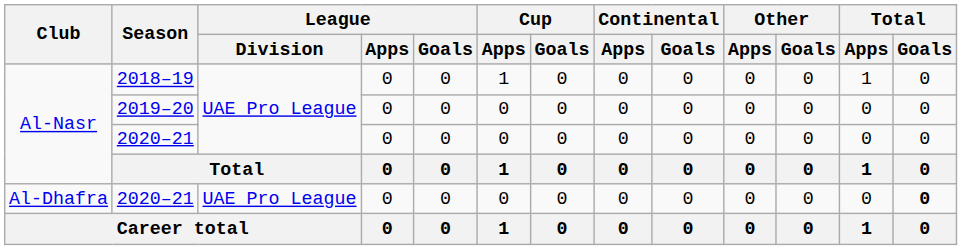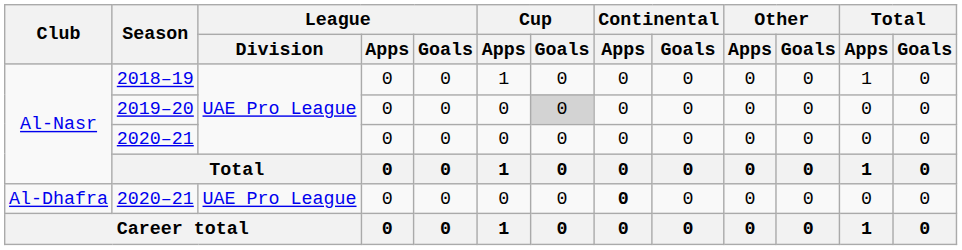 <table class="wikitable" style="text-align: center">
 <tr>
 <th rowspan="2">Club</th>
 <th rowspan="2">Season</th>
 <th colspan="3">League</th>
 <th colspan="2">Cup</th>
 <th colspan="2">Continental</th>
 <th colspan="2">Other</th>
 <th colspan="2">Total</th>
 </tr>
 <tr>
 <th>Division</th>
 <th>Apps</th>
 <th>Goals</th>
 <th>Apps</th>
 <th>Goals</th>
 <th>Apps</th>
 <th>Goals</th>
 <th>Apps</th>
 <th>Goals</th>
 <th>Apps</th>
 <th>Goals</th>
 </tr>
 <tr>
 <td rowspan="4"><a href='#'>Al-Nasr</a></td>
 <td><a href='#'>2018–19</a></td>
 <td rowspan="3"><a href='#'>UAE Pro League</a></td>
 <td>0</td>
 <td>0</td>
 <td>1</td>
 <td>0</td>
 <td>0</td>
 <td>0</td>
 <td>0</td>
 <td>0</td>
 <td>1</td>
 <td>0</td>
 </tr>
 <tr>
 <td><a href='#'>2019–20</a></td>
 <td>0</td>
 <td>0</td>
 <td>0</td>
-<td>0</td>
+<td style="background: lightgrey;">0</td>
 <td>0</td>
 <td>0</td>
 <td>0</td>
 <td>0</td>
 <td>0</td>
 <td>0</td>
 </tr>
 <tr>
 <td><a href='#'>2020–21</a></td>
 <td>0</td>
 <td>0</td>
 <td>0</td>
 <td>0</td>
 <td>0</td>
 <td>0</td>
 <td>0</td>
 <td>0</td>
 <td>0</td>
 <td>0</td>
 </tr>
 <tr>
 <th colspan="2"><strong>Total</strong></th>
 <th>0</th>
 <th>0</th>
 <th>1</th>
 <th>0</th>
 <th>0</th>
 <th>0</th>
 <th>0</th>
 <th>0</th>
 <th>1</th>
 <th>0</th>
 </tr>
 <tr>
 <td><a href='#'>Al-Dhafra</a></td>
 <td><a href='#'>2020–21</a></td>
 <td><a href='#'>UAE Pro League</a></td>
 <td>0</td>
 <td>0</td>
 <td>0</td>
 <td>0</td>
+<td><strong>0</strong></td>
 <td>0</td>
 <td>0</td>
 <td>0</td>
 <td>0</td>
 <td>0</td>
-<td><strong>0</strong></td>
 </tr>
 <tr>
 <th colspan="3"><strong>Career total</strong></th>
 <th>0</th>
 <th>0</th>
 <th>1</th>
 <th>0</th>
 <th>0</th>
 <th>0</th>
 <th>0</th>
 <th>0</th>
 <th>1</th>
 <th>0</th>
 </tr>
 </table>
